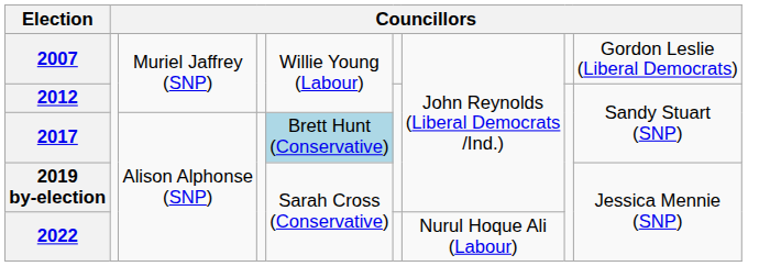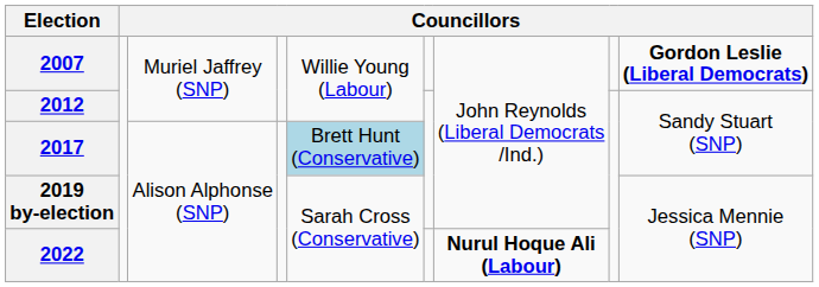 <table class="wikitable" style="text-align:center">
 <tr>
 <th>Election</th>
 <th colspan=8>Councillors</th>
 </tr>
 <tr>
 <th><a href='#'>2007</a></th>
 <td rowspan=5; style="background-color: "></td>
 <td rowspan=2>Muriel Jaffrey<br>(<a href='#'>SNP</a>)</td>
 <td rowspan=2; style="background-color: "></td>
 <td rowspan=2>Willie Young<br>(<a href='#'>Labour</a>)</td>
 <td rowspan=1; style="background-color: "></td>
 <td rowspan=4>John Reynolds<br>(<a href='#'>Liberal Democrats</a><br>/Ind.)</td>
 <td rowspan=1; style="background-color: "></td>
-<td rowspan=1>Gordon Leslie<br>(<a href='#'>Liberal Democrats</a>)</td>
+<td rowspan=1><strong>Gordon Leslie<br>(<a href='#'>Liberal Democrats</a>)</strong></td>
 </tr>
 <tr>
 <th><a href='#'>2012</a></th>
 <td rowspan=3; style="background-color: "></td>
 <td rowspan=4; style="background-color: "></td>
 <td rowspan=2>Sandy Stuart<br>(<a href='#'>SNP</a>)</td>
 </tr>
 <tr>
 <th><a href='#'>2017</a></th>
 <td rowspan=3>Alison Alphonse<br>(<a href='#'>SNP</a>)</td>
 <td rowspan=3; style="background-color: "></td>
 <td rowspan=1 style="background: lightblue;">Brett Hunt<br>(<a href='#'>Conservative</a>)</td>
 </tr>
 <tr>
 <th>2019<br>by-election</th>
 <td rowspan=2>Sarah Cross<br>(<a href='#'>Conservative</a>)</td>
 <td rowspan=2>Jessica Mennie<br>(<a href='#'>SNP</a>)</td>
 </tr>
 <tr>
 <th><a href='#'>2022</a></th>
 <td rowspan=1; style="background-color: "></td>
-<td rowspan=1>Nurul Hoque Ali<br>(<a href='#'>Labour</a>)</td>
+<td rowspan=1><strong>Nurul Hoque Ali<br>(<a href='#'>Labour</a>)</strong></td>
 </tr>
 </table>
